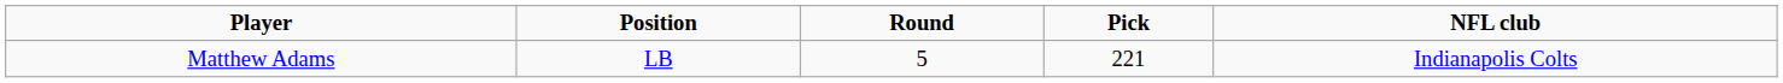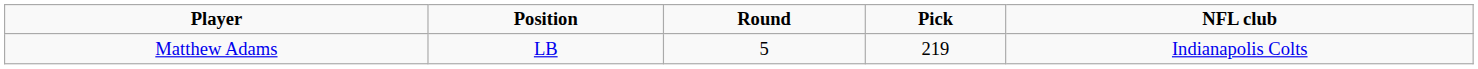 <table class="wikitable" width="80%">
 <tr align="center">
 <td><strong>Player</strong></td>
 <td><strong>Position</strong></td>
 <td><strong>Round</strong></td>
 <td><strong>Pick</strong></td>
 <td><strong>NFL club</strong></td>
 </tr>
 <tr align="center" bgcolor="">
 <td><a href='#'>Matthew Adams</a></td>
 <td><a href='#'>LB</a></td>
 <td>5</td>
-<td>221</td>
+<td>219</td>
 <td><a href='#'>Indianapolis Colts</a></td>
 </tr>
 </table>
